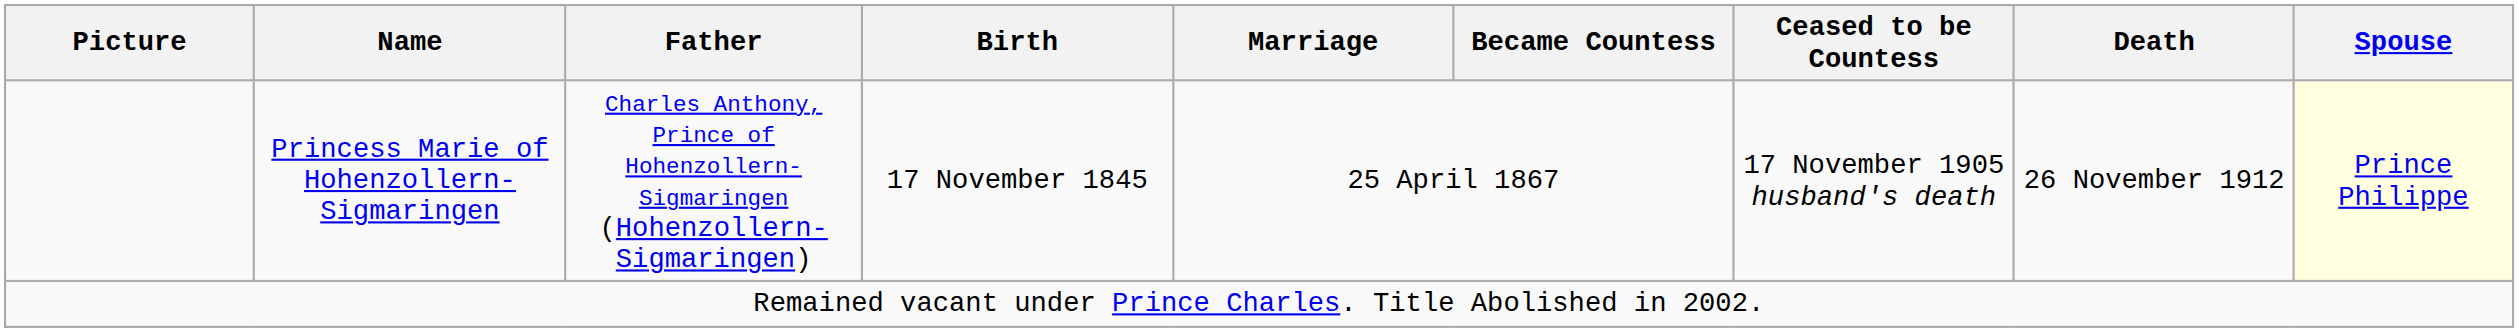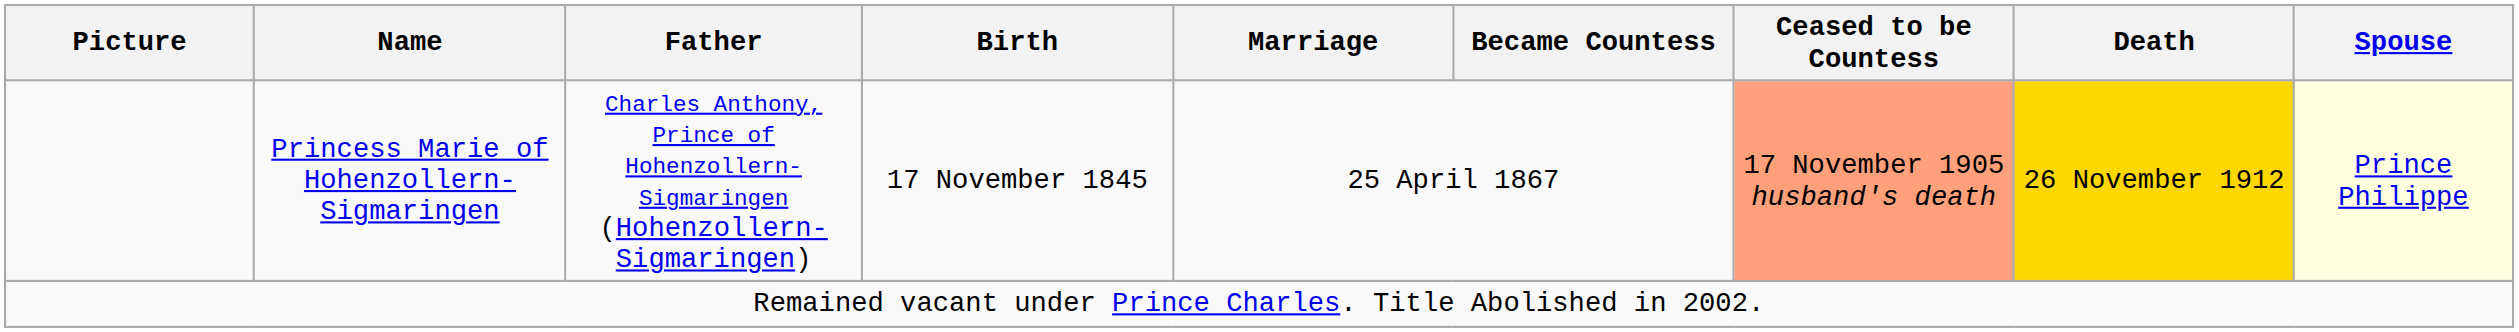 <table style="width:95%;" class="wikitable">
 <tr>
 <th style="width:8%;">Picture</th>
 <th style="width:10%;">Name</th>
 <th style="width:9%;">Father</th>
 <th style="width:10%;">Birth</th>
 <th style="width:9%;">Marriage</th>
 <th style="width:9%;">Became Countess</th>
 <th style="width:9%;">Ceased to be Countess</th>
 <th style="width:9%;">Death</th>
 <th style="width:7%;"><a href='#'>Spouse</a></th>
 </tr>
 <tr>
 <td style="text-align:center;"></td>
 <td style="text-align:center;"><a href='#'>Princess Marie of Hohenzollern-Sigmaringen</a></td>
 <td style="text-align:center;"><small><a href='#'>Charles Anthony, Prince of Hohenzollern-Sigmaringen</a></small><br> (<a href='#'>Hohenzollern-Sigmaringen</a>)</td>
 <td style="text-align:center;">17 November 1845</td>
 <td style="text-align:center;" colspan="2">25 April 1867</td>
-<td style="text-align:center;">17 November 1905<br><em>husband's death</em></td>
-<td style="text-align:center;">26 November 1912</td>
+<td style="background: lightsalmon; text-align:center;">17 November 1905<br><em>husband's death</em></td>
+<td style="background: gold; text-align:center;">26 November 1912</td>
 <td style="background: lightyellow; text-align:center;"><a href='#'>Prince Philippe</a></td>
 </tr>
 <tr>
 <td style="text-align:center;" colspan="9">Remained vacant under <a href='#'>Prince Charles</a>.  Title Abolished in 2002.</td>
 </tr>
 </table>
